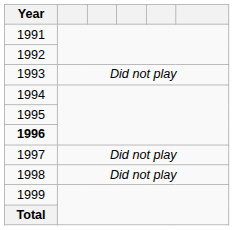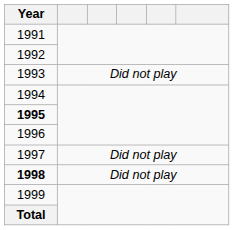 <table class="wikitable" style="text-align: center">
 <tr>
 <th width="60">Year</th>
 <th width="30"></th>
 <th width="30"></th>
 <th width="30"></th>
 <th width="30"></th>
 <th width="60"></th>
 </tr>
 <tr>
 <td>1991<br></td>
 </tr>
 <tr>
 <td>1992<br></td>
 </tr>
 <tr>
 <td>1993</td>
 <td colspan="5"><em>Did not play</em></td>
 </tr>
 <tr>
 <td>1994<br></td>
 </tr>
 <tr>
-<td>1995<br></td>
+<td><strong>1995<br></strong></td>
 </tr>
 <tr>
-<td><strong>1996<br></strong></td>
+<td>1996<br></td>
 </tr>
 <tr>
 <td>1997</td>
 <td colspan="5"><em>Did not play</em></td>
 </tr>
 <tr>
-<td>1998</td>
+<td><strong>1998</strong></td>
 <td colspan="5"><em>Did not play</em></td>
 </tr>
 <tr>
 <td>1999<br></td>
 </tr>
 <tr>
 <th>Total<br></th>
 </tr>
 </table>
